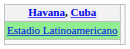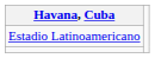 <table class="wikitable" style="text-align:center">
 <tr>
 <th><a href='#'>Havana</a>, <a href='#'>Cuba</a></th>
 <td rowspan=4></td>
 </tr>
 <tr>
-<td style="background: lightgreen;"><a href='#'>Estadio Latinoamericano</a></td>
+<td><a href='#'>Estadio Latinoamericano</a></td>
 </tr>
 <tr>
 <td></td>
 </tr>
 </table>
